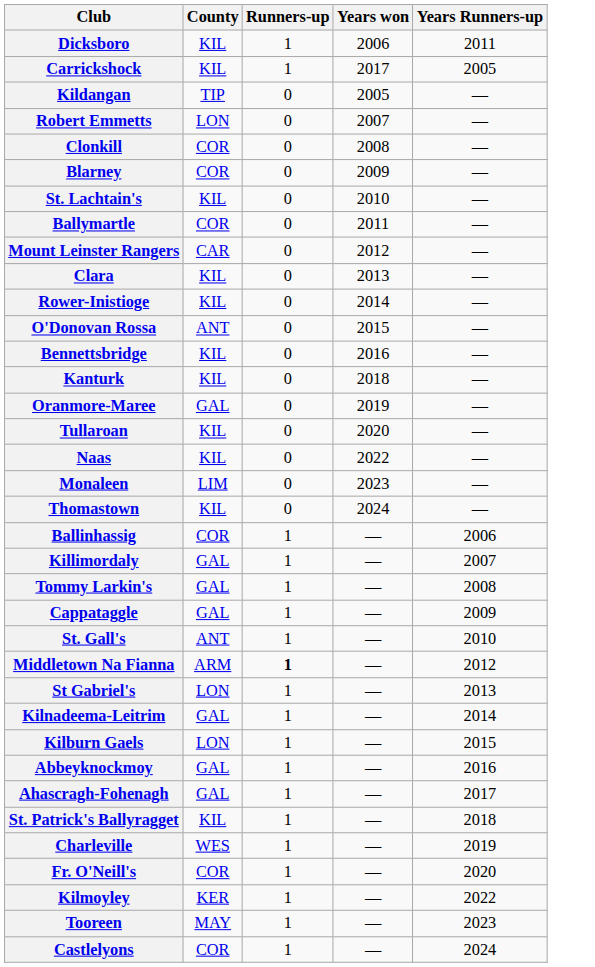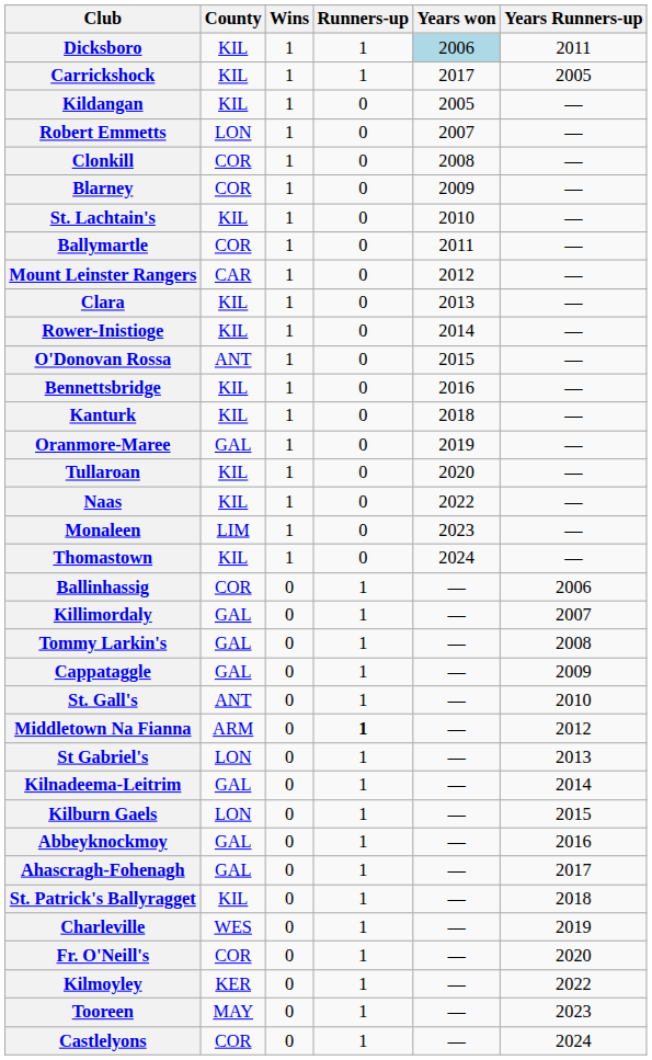 <table class="wikitable plainrowheaders sortable">
 <tr>
 <th scope="col">Club</th>
 <th scope="col">County</th>
+<th scope="col">Wins</th>
 <th scope="col">Runners-up</th>
 <th scope="col">Years won</th>
 <th scope="col">Years Runners-up</th>
 </tr>
 <tr align="center">
 <th scope="row"> <a href='#'>Dicksboro</a></th>
 <td> <a href='#'>KIL</a></td>
 <td>1</td>
-<td>2006</td>
+<td>1</td>
+<td style="background: lightblue;">2006</td>
 <td>2011</td>
 </tr>
 <tr align="center">
 <th scope="row"> <a href='#'>Carrickshock</a></th>
 <td> <a href='#'>KIL</a></td>
 <td>1</td>
+<td>1</td>
 <td>2017</td>
 <td>2005</td>
 </tr>
 <tr align="center">
 <th scope="row"> <a href='#'>Kildangan</a></th>
-<td> <a href='#'>TIP</a></td>
+<td> <a href='#'>KIL</a></td>
+<td>1</td>
 <td>0</td>
 <td>2005</td>
 <td>—</td>
 </tr>
 <tr align="center">
 <th scope="row"> <a href='#'>Robert Emmetts</a></th>
 <td> <a href='#'>LON</a></td>
+<td>1</td>
 <td>0</td>
 <td>2007</td>
 <td>—</td>
 </tr>
 <tr align="center">
 <th scope="row"> <a href='#'>Clonkill</a></th>
 <td> <a href='#'>COR</a></td>
+<td>1</td>
 <td>0</td>
 <td>2008</td>
 <td>—</td>
 </tr>
 <tr align="center">
 <th scope="row"> <a href='#'>Blarney</a></th>
 <td> <a href='#'>COR</a></td>
+<td>1</td>
 <td>0</td>
 <td>2009</td>
 <td>—</td>
 </tr>
 <tr align="center">
 <th scope="row"> <a href='#'>St. Lachtain's</a></th>
 <td> <a href='#'>KIL</a></td>
+<td>1</td>
 <td>0</td>
 <td>2010</td>
 <td>—</td>
 </tr>
 <tr align="center">
 <th scope="row"> <a href='#'>Ballymartle</a></th>
 <td> <a href='#'>COR</a></td>
+<td>1</td>
 <td>0</td>
 <td>2011</td>
 <td>—</td>
 </tr>
 <tr align="center">
 <th scope="row"> <a href='#'>Mount Leinster Rangers</a></th>
 <td> <a href='#'>CAR</a></td>
+<td>1</td>
 <td>0</td>
 <td>2012</td>
 <td>—</td>
 </tr>
 <tr align="center">
 <th scope="row"> <a href='#'>Clara</a></th>
 <td> <a href='#'>KIL</a></td>
+<td>1</td>
 <td>0</td>
 <td>2013</td>
 <td>—</td>
 </tr>
 <tr align="center">
 <th scope="row"> <a href='#'>Rower-Inistioge</a></th>
 <td> <a href='#'>KIL</a></td>
+<td>1</td>
 <td>0</td>
 <td>2014</td>
 <td>—</td>
 </tr>
 <tr align="center">
 <th scope="row"> <a href='#'>O'Donovan Rossa</a></th>
 <td> <a href='#'>ANT</a></td>
+<td>1</td>
 <td>0</td>
 <td>2015</td>
 <td>—</td>
 </tr>
 <tr align="center">
 <th scope="row"> <a href='#'>Bennettsbridge</a></th>
 <td> <a href='#'>KIL</a></td>
+<td>1</td>
 <td>0</td>
 <td>2016</td>
 <td>—</td>
 </tr>
 <tr align="center">
 <th scope="row"> <a href='#'>Kanturk</a></th>
 <td> <a href='#'>KIL</a></td>
+<td>1</td>
 <td>0</td>
 <td>2018</td>
 <td>—</td>
 </tr>
 <tr align="center">
 <th scope="row"> <a href='#'>Oranmore-Maree</a></th>
 <td> <a href='#'>GAL</a></td>
+<td>1</td>
 <td>0</td>
 <td>2019</td>
 <td>—</td>
 </tr>
 <tr align="center">
 <th scope="row"> <a href='#'>Tullaroan</a></th>
 <td> <a href='#'>KIL</a></td>
+<td>1</td>
 <td>0</td>
 <td>2020</td>
 <td>—</td>
 </tr>
 <tr align="center">
 <th scope="row"> <a href='#'>Naas</a></th>
 <td> <a href='#'>KIL</a></td>
+<td>1</td>
 <td>0</td>
 <td>2022</td>
 <td>—</td>
 </tr>
 <tr align="center">
 <th scope="row"> <a href='#'>Monaleen</a></th>
 <td> <a href='#'>LIM</a></td>
+<td>1</td>
 <td>0</td>
 <td>2023</td>
 <td>—</td>
 </tr>
 <tr align="center">
 <th scope="row"> <a href='#'>Thomastown</a></th>
 <td> <a href='#'>KIL</a></td>
+<td>1</td>
 <td>0</td>
 <td>2024</td>
 <td>—</td>
 </tr>
 <tr align="center">
 <th scope="row"> <a href='#'>Ballinhassig</a></th>
 <td> <a href='#'>COR</a></td>
+<td>0</td>
 <td>1</td>
 <td>—</td>
 <td>2006</td>
 </tr>
 <tr align="center">
 <th scope="row"> <a href='#'>Killimordaly</a></th>
 <td> <a href='#'>GAL</a></td>
+<td>0</td>
 <td>1</td>
 <td>—</td>
 <td>2007</td>
 </tr>
 <tr align="center">
 <th scope="row"> <a href='#'>Tommy Larkin's</a></th>
 <td> <a href='#'>GAL</a></td>
+<td>0</td>
 <td>1</td>
 <td>—</td>
 <td>2008</td>
 </tr>
 <tr align="center">
 <th scope="row"> <a href='#'>Cappataggle</a></th>
 <td> <a href='#'>GAL</a></td>
+<td>0</td>
 <td>1</td>
 <td>—</td>
 <td>2009</td>
 </tr>
 <tr align="center">
 <th scope="row"> <a href='#'>St. Gall's</a></th>
 <td> <a href='#'>ANT</a></td>
+<td>0</td>
 <td>1</td>
 <td>—</td>
 <td>2010</td>
 </tr>
 <tr align="center">
 <th scope="row"> <a href='#'>Middletown Na Fianna</a></th>
 <td> <a href='#'>ARM</a></td>
+<td>0</td>
 <td><strong>1</strong></td>
 <td>—</td>
 <td>2012</td>
 </tr>
 <tr align="center">
 <th scope="row"> <a href='#'>St Gabriel's</a></th>
 <td> <a href='#'>LON</a></td>
+<td>0</td>
 <td>1</td>
 <td>—</td>
 <td>2013</td>
 </tr>
 <tr align="center">
 <th scope="row"> <a href='#'>Kilnadeema-Leitrim</a></th>
 <td> <a href='#'>GAL</a></td>
+<td>0</td>
 <td>1</td>
 <td>—</td>
 <td>2014</td>
 </tr>
 <tr align="center">
 <th scope="row"> <a href='#'>Kilburn Gaels</a></th>
 <td> <a href='#'>LON</a></td>
+<td>0</td>
 <td>1</td>
 <td>—</td>
 <td>2015</td>
 </tr>
 <tr align="center">
 <th scope="row"> <a href='#'>Abbeyknockmoy</a></th>
 <td> <a href='#'>GAL</a></td>
+<td>0</td>
 <td>1</td>
 <td>—</td>
 <td>2016</td>
 </tr>
 <tr align="center">
 <th scope="row"> <a href='#'>Ahascragh-Fohenagh</a></th>
 <td> <a href='#'>GAL</a></td>
+<td>0</td>
 <td>1</td>
 <td>—</td>
 <td>2017</td>
 </tr>
 <tr align="center">
 <th scope="row"> <a href='#'>St. Patrick's Ballyragget</a></th>
 <td> <a href='#'>KIL</a></td>
+<td>0</td>
 <td>1</td>
 <td>—</td>
 <td>2018</td>
 </tr>
 <tr align="center">
 <th scope="row"> <a href='#'>Charleville</a></th>
 <td> <a href='#'>WES</a></td>
+<td>0</td>
 <td>1</td>
 <td>—</td>
 <td>2019</td>
 </tr>
 <tr align="center">
 <th scope="row"> <a href='#'>Fr. O'Neill's</a></th>
 <td> <a href='#'>COR</a></td>
+<td>0</td>
 <td>1</td>
 <td>—</td>
 <td>2020</td>
 </tr>
 <tr align="center">
 <th scope="row"> <a href='#'>Kilmoyley</a></th>
 <td> <a href='#'>KER</a></td>
+<td>0</td>
 <td>1</td>
 <td>—</td>
 <td>2022</td>
 </tr>
 <tr align="center">
 <th scope="row"> <a href='#'>Tooreen</a></th>
 <td> <a href='#'>MAY</a></td>
+<td>0</td>
 <td>1</td>
 <td>—</td>
 <td>2023</td>
 </tr>
 <tr align="center">
 <th scope="row"> <a href='#'>Castlelyons</a></th>
 <td> <a href='#'>COR</a></td>
+<td>0</td>
 <td>1</td>
 <td>—</td>
 <td>2024</td>
 </tr>
 </table>
